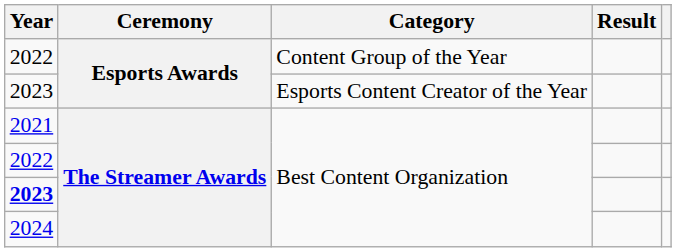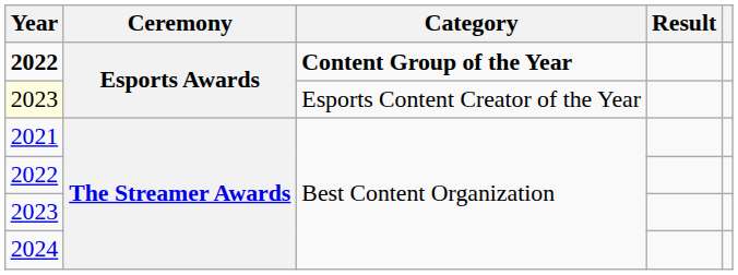 <table class="wikitable plainrowheaders sortable">
 <tr>
 <th scope="col">Year</th>
 <th scope="col">Ceremony</th>
 <th scope="col">Category</th>
 <th scope="col">Result</th>
 <th class="unsortable" scope="col"></th>
 </tr>
 <tr>
-<td>2022</td>
+<td><strong>2022</strong></td>
 <th rowspan="2" scope="row">Esports Awards</th>
-<td>Content Group of the Year</td>
+<td><strong>Content Group of the Year</strong></td>
 <td></td>
 <td align="center"></td>
 </tr>
 <tr>
-<td>2023</td>
+<td style="background: lightyellow;">2023</td>
 <td>Esports Content Creator of the Year</td>
 <td></td>
 <td align="center"></td>
 </tr>
 <tr>
 <td><a href='#'>2021</a></td>
 <th rowspan="4" scope="row"><a href='#'>The Streamer Awards</a></th>
 <td rowspan="4">Best Content Organization</td>
 <td></td>
 <td align="center"></td>
 </tr>
 <tr>
 <td><a href='#'>2022</a></td>
 <td></td>
 <td align="center"></td>
 </tr>
 <tr>
-<td><strong><a href='#'>2023</a></strong></td>
+<td><a href='#'>2023</a></td>
 <td></td>
 <td align="center"></td>
 </tr>
 <tr>
 <td><a href='#'>2024</a></td>
 <td></td>
 <td align="center"></td>
 </tr>
 </table>
